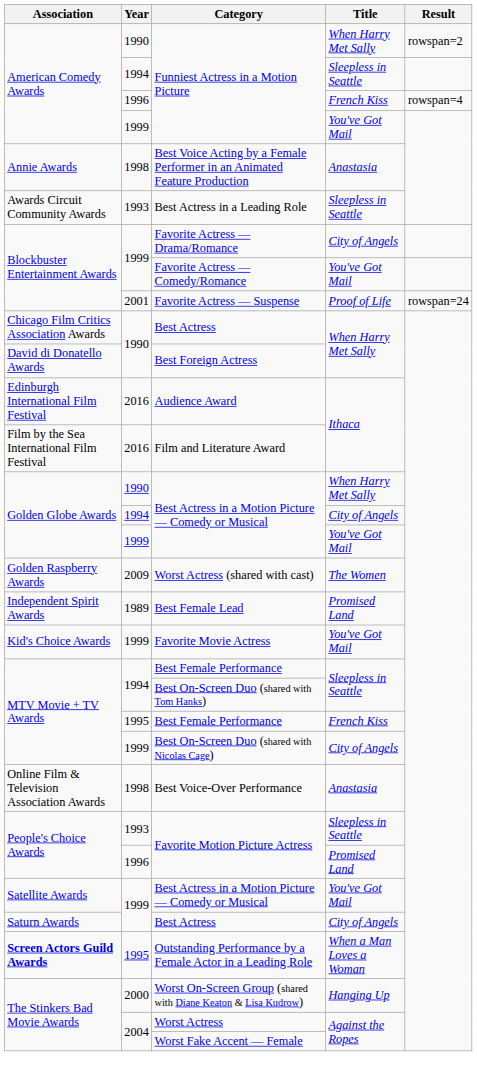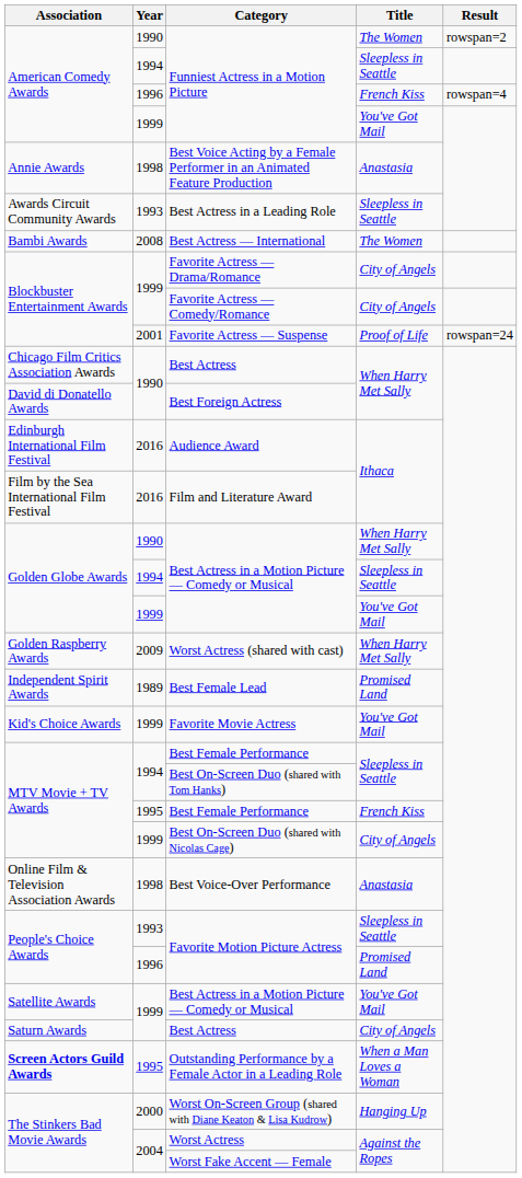 <table class="wikitable">
 <tr>
 <th>Association</th>
 <th>Year</th>
 <th>Category</th>
 <th>Title</th>
 <th>Result</th>
 </tr>
 <tr>
 <td rowspan=4><a href='#'>American Comedy Awards</a></td>
 <td>1990</td>
 <td rowspan=4><a href='#'>Funniest Actress in a Motion Picture</a></td>
-<td><em><a href='#'>When Harry Met Sally</a></em></td>
+<td><em><a href='#'>The Women</a></em></td>
 <td>rowspan=2 </td>
 </tr>
 <tr>
 <td>1994</td>
 <td><em><a href='#'>Sleepless in Seattle</a></em></td>
 </tr>
 <tr>
 <td>1996</td>
 <td><em><a href='#'>French Kiss</a></em></td>
 <td>rowspan=4 </td>
 </tr>
 <tr>
 <td>1999</td>
 <td><em><a href='#'>You've Got Mail</a></em></td>
 </tr>
 <tr>
 <td><a href='#'>Annie Awards</a></td>
 <td>1998</td>
 <td><a href='#'>Best Voice Acting by a Female Performer in an Animated Feature Production</a></td>
 <td><em><a href='#'>Anastasia</a></em></td>
 </tr>
 <tr>
 <td>Awards Circuit Community Awards</td>
 <td>1993</td>
 <td>Best Actress in a Leading Role</td>
 <td><em><a href='#'>Sleepless in Seattle</a></em></td>
 </tr>
 <tr>
+<td><a href='#'>Bambi Awards</a></td>
+<td>2008</td>
+<td><a href='#'>Best Actress — International</a></td>
+<td><em><a href='#'>The Women</a></em></td>
+<td></td>
+</tr>
+<tr>
 <td rowspan=3><a href='#'>Blockbuster Entertainment Awards</a></td>
 <td rowspan=2>1999</td>
 <td><a href='#'>Favorite Actress — Drama/Romance</a></td>
 <td><em><a href='#'>City of Angels</a></em></td>
 <td></td>
 </tr>
 <tr>
 <td><a href='#'>Favorite Actress — Comedy/Romance</a></td>
-<td><em><a href='#'>You've Got Mail</a></em></td>
+<td><em><a href='#'>City of Angels</a></em></td>
 <td></td>
 </tr>
 <tr>
 <td>2001</td>
 <td><a href='#'>Favorite Actress — Suspense</a></td>
 <td><em><a href='#'>Proof of Life</a></em></td>
 <td>rowspan=24 </td>
 </tr>
 <tr>
 <td><a href='#'>Chicago Film Critics Association</a> Awards</td>
 <td rowspan=2>1990</td>
 <td><a href='#'>Best Actress</a></td>
 <td rowspan=2><em><a href='#'>When Harry Met Sally</a></em></td>
 </tr>
 <tr>
 <td><a href='#'>David di Donatello Awards</a></td>
 <td><a href='#'>Best Foreign Actress</a></td>
 </tr>
 <tr>
 <td><a href='#'>Edinburgh International Film Festival</a></td>
 <td>2016</td>
 <td><a href='#'>Audience Award</a></td>
 <td rowspan=2><em><a href='#'>Ithaca</a></em></td>
 </tr>
 <tr>
 <td>Film by the Sea International Film Festival</td>
 <td>2016</td>
 <td>Film and Literature Award</td>
 </tr>
 <tr>
 <td rowspan=3><a href='#'>Golden Globe Awards</a></td>
 <td><a href='#'>1990</a></td>
 <td rowspan=3><a href='#'>Best Actress in a Motion Picture — Comedy or Musical</a></td>
 <td><em><a href='#'>When Harry Met Sally</a></em></td>
 </tr>
 <tr>
 <td><a href='#'>1994</a></td>
-<td><em><a href='#'>City of Angels</a></em></td>
+<td><em><a href='#'>Sleepless in Seattle</a></em></td>
 </tr>
 <tr>
 <td><a href='#'>1999</a></td>
 <td><em><a href='#'>You've Got Mail</a></em></td>
 </tr>
 <tr>
 <td><a href='#'>Golden Raspberry Awards</a></td>
 <td>2009</td>
 <td><a href='#'>Worst Actress</a> (shared with cast)</td>
-<td><em><a href='#'>The Women</a></em></td>
+<td><em><a href='#'>When Harry Met Sally</a></em></td>
 </tr>
 <tr>
 <td><a href='#'>Independent Spirit Awards</a></td>
 <td>1989</td>
 <td><a href='#'>Best Female Lead</a></td>
 <td><em><a href='#'>Promised Land</a></em></td>
 </tr>
 <tr>
 <td><a href='#'>Kid's Choice Awards</a></td>
 <td>1999</td>
 <td><a href='#'>Favorite Movie Actress</a></td>
 <td><em><a href='#'>You've Got Mail</a></em></td>
 </tr>
 <tr>
 <td rowspan=4><a href='#'>MTV Movie + TV Awards</a></td>
 <td rowspan=2>1994</td>
 <td><a href='#'>Best Female Performance</a></td>
 <td rowspan=2><em><a href='#'>Sleepless in Seattle</a></em></td>
 </tr>
 <tr>
 <td><a href='#'>Best On-Screen Duo</a> (<small>shared with <a href='#'>Tom Hanks</a></small>)</td>
 </tr>
 <tr>
 <td>1995</td>
 <td><a href='#'>Best Female Performance</a></td>
 <td><em><a href='#'>French Kiss</a></em></td>
 </tr>
 <tr>
 <td>1999</td>
 <td><a href='#'>Best On-Screen Duo</a> (<small>shared with <a href='#'>Nicolas Cage</a></small>)</td>
 <td><em><a href='#'>City of Angels</a></em></td>
 </tr>
 <tr>
 <td>Online Film & Television Association Awards</td>
 <td>1998</td>
 <td>Best Voice-Over Performance</td>
 <td><em><a href='#'>Anastasia</a></em></td>
 </tr>
 <tr>
 <td rowspan=2><a href='#'>People's Choice Awards</a></td>
 <td>1993</td>
 <td rowspan=2><a href='#'>Favorite Motion Picture Actress</a></td>
 <td><em><a href='#'>Sleepless in Seattle</a></em></td>
 </tr>
 <tr>
 <td>1996</td>
 <td><em><a href='#'>Promised Land</a></em></td>
 </tr>
 <tr>
 <td><a href='#'>Satellite Awards</a></td>
 <td rowspan=2>1999</td>
 <td><a href='#'>Best Actress in a Motion Picture — Comedy or Musical</a></td>
 <td><em><a href='#'>You've Got Mail</a></em></td>
 </tr>
 <tr>
 <td><a href='#'>Saturn Awards</a></td>
 <td><a href='#'>Best Actress</a></td>
 <td><em><a href='#'>City of Angels</a></em></td>
 </tr>
 <tr>
 <td><strong><a href='#'>Screen Actors Guild Awards</a></strong></td>
 <td><a href='#'>1995</a></td>
 <td><a href='#'>Outstanding Performance by a Female Actor in a Leading Role</a></td>
 <td><em><a href='#'>When a Man Loves a Woman</a></em></td>
 </tr>
 <tr>
 <td rowspan=3><a href='#'>The Stinkers Bad Movie Awards</a></td>
 <td>2000</td>
 <td><a href='#'>Worst On-Screen Group</a> (<small>shared with <a href='#'>Diane Keaton</a> & <a href='#'>Lisa Kudrow</a></small>)</td>
 <td><em><a href='#'>Hanging Up</a></em></td>
 </tr>
 <tr>
 <td rowspan=2>2004</td>
 <td><a href='#'>Worst Actress</a></td>
 <td rowspan=2><em><a href='#'>Against the Ropes</a></em></td>
 </tr>
 <tr>
 <td><a href='#'>Worst Fake Accent — Female</a></td>
 </tr>
 </table>
